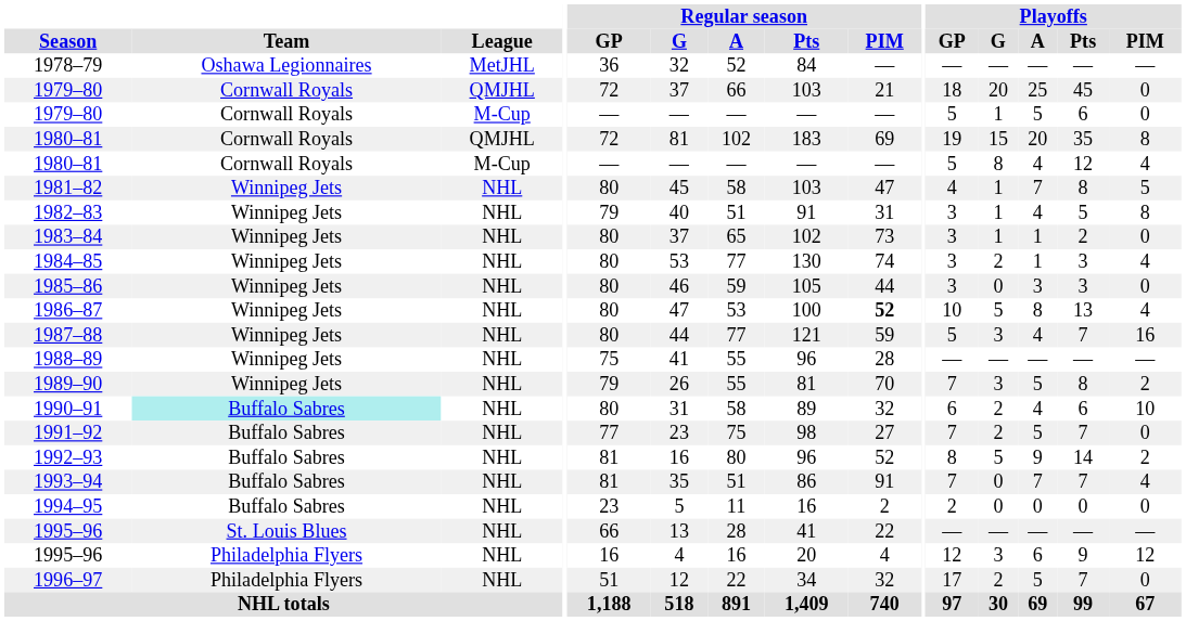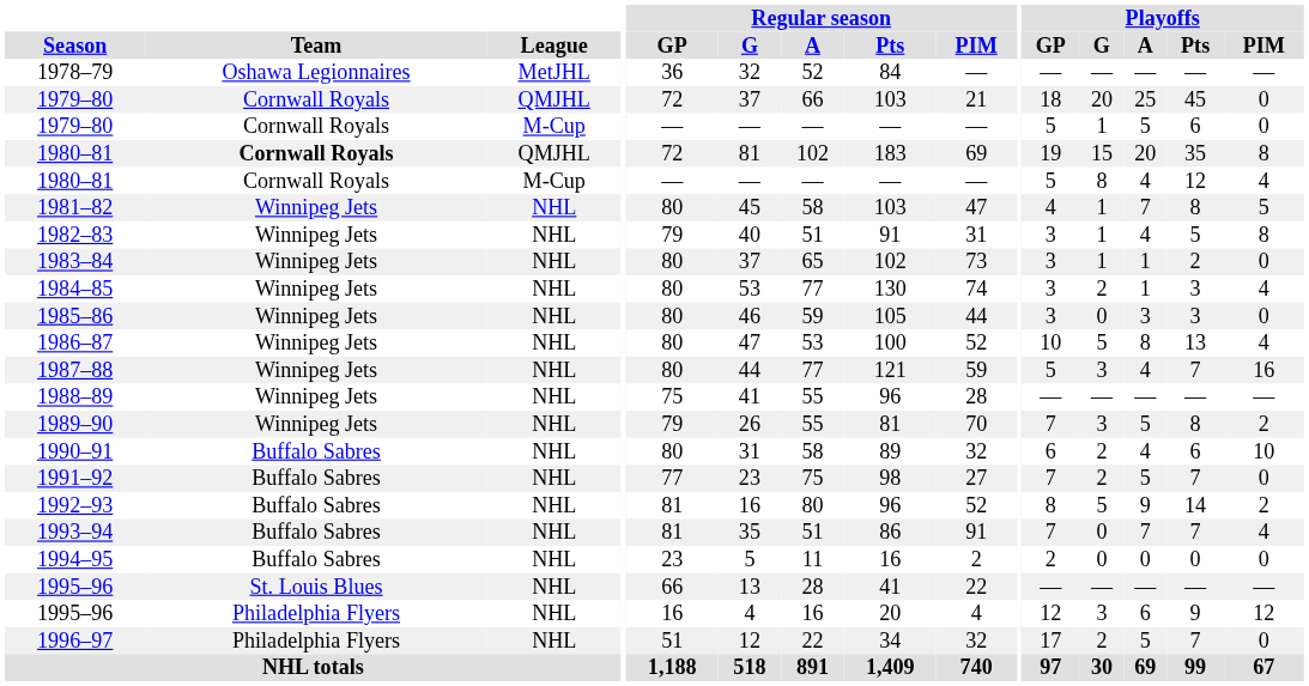 <table border="0" cellpadding="1" cellspacing="0" style="text-align:center; width:60em">
 <tr bgcolor="#e0e0e0">
 <th colspan="3" bgcolor="#ffffff"></th>
 <th rowspan="100" bgcolor="#ffffff"></th>
 <th colspan="5"><a href='#'>Regular season</a></th>
 <th rowspan="100" bgcolor="#ffffff"></th>
 <th colspan="5"><a href='#'>Playoffs</a></th>
 </tr>
 <tr bgcolor="#e0e0e0">
 <th><a href='#'>Season</a></th>
 <th>Team</th>
 <th>League</th>
 <th>GP</th>
 <th><a href='#'>G</a></th>
 <th><a href='#'>A</a></th>
 <th><a href='#'>Pts</a></th>
 <th><a href='#'>PIM</a></th>
 <th>GP</th>
 <th>G</th>
 <th>A</th>
 <th>Pts</th>
 <th>PIM</th>
 </tr>
 <tr>
 <td>1978–79</td>
 <td><a href='#'>Oshawa Legionnaires</a></td>
 <td><a href='#'>MetJHL</a></td>
 <td>36</td>
 <td>32</td>
 <td>52</td>
 <td>84</td>
 <td>—</td>
 <td>—</td>
 <td>—</td>
 <td>—</td>
 <td>—</td>
 <td>—</td>
 </tr>
 <tr bgcolor="#f0f0f0">
 <td><a href='#'>1979–80</a></td>
 <td><a href='#'>Cornwall Royals</a></td>
 <td><a href='#'>QMJHL</a></td>
 <td>72</td>
 <td>37</td>
 <td>66</td>
 <td>103</td>
 <td>21</td>
 <td>18</td>
 <td>20</td>
 <td>25</td>
 <td>45</td>
 <td>0</td>
 </tr>
 <tr>
 <td><a href='#'>1979–80</a></td>
 <td>Cornwall Royals</td>
 <td><a href='#'>M-Cup</a></td>
 <td>—</td>
 <td>—</td>
 <td>—</td>
 <td>—</td>
 <td>—</td>
 <td>5</td>
 <td>1</td>
 <td>5</td>
 <td>6</td>
 <td>0</td>
 </tr>
 <tr bgcolor="#f0f0f0">
 <td><a href='#'>1980–81</a></td>
-<td>Cornwall Royals</td>
+<td><strong>Cornwall Royals</strong></td>
 <td>QMJHL</td>
 <td>72</td>
 <td>81</td>
 <td>102</td>
 <td>183</td>
 <td>69</td>
 <td>19</td>
 <td>15</td>
 <td>20</td>
 <td>35</td>
 <td>8</td>
 </tr>
 <tr>
 <td><a href='#'>1980–81</a></td>
 <td>Cornwall Royals</td>
 <td>M-Cup</td>
 <td>—</td>
 <td>—</td>
 <td>—</td>
 <td>—</td>
 <td>—</td>
 <td>5</td>
 <td>8</td>
 <td>4</td>
 <td>12</td>
 <td>4</td>
 </tr>
 <tr bgcolor="#f0f0f0">
 <td><a href='#'>1981–82</a></td>
 <td><a href='#'>Winnipeg Jets</a></td>
 <td><a href='#'>NHL</a></td>
 <td>80</td>
 <td>45</td>
 <td>58</td>
 <td>103</td>
 <td>47</td>
 <td>4</td>
 <td>1</td>
 <td>7</td>
 <td>8</td>
 <td>5</td>
 </tr>
 <tr>
 <td><a href='#'>1982–83</a></td>
 <td>Winnipeg Jets</td>
 <td>NHL</td>
 <td>79</td>
 <td>40</td>
 <td>51</td>
 <td>91</td>
 <td>31</td>
 <td>3</td>
 <td>1</td>
 <td>4</td>
 <td>5</td>
 <td>8</td>
 </tr>
 <tr bgcolor="#f0f0f0">
 <td><a href='#'>1983–84</a></td>
 <td>Winnipeg Jets</td>
 <td>NHL</td>
 <td>80</td>
 <td>37</td>
 <td>65</td>
 <td>102</td>
 <td>73</td>
 <td>3</td>
 <td>1</td>
 <td>1</td>
 <td>2</td>
 <td>0</td>
 </tr>
 <tr>
 <td><a href='#'>1984–85</a></td>
 <td>Winnipeg Jets</td>
 <td>NHL</td>
 <td>80</td>
 <td>53</td>
 <td>77</td>
 <td>130</td>
 <td>74</td>
 <td>3</td>
 <td>2</td>
 <td>1</td>
 <td>3</td>
 <td>4</td>
 </tr>
 <tr bgcolor="#f0f0f0">
 <td><a href='#'>1985–86</a></td>
 <td>Winnipeg Jets</td>
 <td>NHL</td>
 <td>80</td>
 <td>46</td>
 <td>59</td>
 <td>105</td>
 <td>44</td>
 <td>3</td>
 <td>0</td>
 <td>3</td>
 <td>3</td>
 <td>0</td>
 </tr>
 <tr>
 <td><a href='#'>1986–87</a></td>
 <td>Winnipeg Jets</td>
 <td>NHL</td>
 <td>80</td>
 <td>47</td>
 <td>53</td>
 <td>100</td>
-<td><strong>52</strong></td>
+<td>52</td>
 <td>10</td>
 <td>5</td>
 <td>8</td>
 <td>13</td>
 <td>4</td>
 </tr>
 <tr bgcolor="#f0f0f0">
 <td><a href='#'>1987–88</a></td>
 <td>Winnipeg Jets</td>
 <td>NHL</td>
 <td>80</td>
 <td>44</td>
 <td>77</td>
 <td>121</td>
 <td>59</td>
 <td>5</td>
 <td>3</td>
 <td>4</td>
 <td>7</td>
 <td>16</td>
 </tr>
 <tr>
 <td><a href='#'>1988–89</a></td>
 <td>Winnipeg Jets</td>
 <td>NHL</td>
 <td>75</td>
 <td>41</td>
 <td>55</td>
 <td>96</td>
 <td>28</td>
 <td>—</td>
 <td>—</td>
 <td>—</td>
 <td>—</td>
 <td>—</td>
 </tr>
 <tr bgcolor="#f0f0f0">
 <td><a href='#'>1989–90</a></td>
 <td>Winnipeg Jets</td>
 <td>NHL</td>
 <td>79</td>
 <td>26</td>
 <td>55</td>
 <td>81</td>
 <td>70</td>
 <td>7</td>
 <td>3</td>
 <td>5</td>
 <td>8</td>
 <td>2</td>
 </tr>
 <tr>
 <td><a href='#'>1990–91</a></td>
-<td style="background: paleturquoise;"><a href='#'>Buffalo Sabres</a></td>
+<td><a href='#'>Buffalo Sabres</a></td>
 <td>NHL</td>
 <td>80</td>
 <td>31</td>
 <td>58</td>
 <td>89</td>
 <td>32</td>
 <td>6</td>
 <td>2</td>
 <td>4</td>
 <td>6</td>
 <td>10</td>
 </tr>
 <tr bgcolor="#f0f0f0">
 <td><a href='#'>1991–92</a></td>
 <td>Buffalo Sabres</td>
 <td>NHL</td>
 <td>77</td>
 <td>23</td>
 <td>75</td>
 <td>98</td>
 <td>27</td>
 <td>7</td>
 <td>2</td>
 <td>5</td>
 <td>7</td>
 <td>0</td>
 </tr>
 <tr>
 <td><a href='#'>1992–93</a></td>
 <td>Buffalo Sabres</td>
 <td>NHL</td>
 <td>81</td>
 <td>16</td>
 <td>80</td>
 <td>96</td>
 <td>52</td>
 <td>8</td>
 <td>5</td>
 <td>9</td>
 <td>14</td>
 <td>2</td>
 </tr>
 <tr bgcolor="#f0f0f0">
 <td><a href='#'>1993–94</a></td>
 <td>Buffalo Sabres</td>
 <td>NHL</td>
 <td>81</td>
 <td>35</td>
 <td>51</td>
 <td>86</td>
 <td>91</td>
 <td>7</td>
 <td>0</td>
 <td>7</td>
 <td>7</td>
 <td>4</td>
 </tr>
 <tr>
 <td><a href='#'>1994–95</a></td>
 <td>Buffalo Sabres</td>
 <td>NHL</td>
 <td>23</td>
 <td>5</td>
 <td>11</td>
 <td>16</td>
 <td>2</td>
 <td>2</td>
 <td>0</td>
 <td>0</td>
 <td>0</td>
 <td>0</td>
 </tr>
 <tr bgcolor="#f0f0f0">
 <td><a href='#'>1995–96</a></td>
 <td><a href='#'>St. Louis Blues</a></td>
 <td>NHL</td>
 <td>66</td>
 <td>13</td>
 <td>28</td>
 <td>41</td>
 <td>22</td>
 <td>—</td>
 <td>—</td>
 <td>—</td>
 <td>—</td>
 <td>—</td>
 </tr>
 <tr>
 <td>1995–96</td>
 <td><a href='#'>Philadelphia Flyers</a></td>
 <td>NHL</td>
 <td>16</td>
 <td>4</td>
 <td>16</td>
 <td>20</td>
 <td>4</td>
 <td>12</td>
 <td>3</td>
 <td>6</td>
 <td>9</td>
 <td>12</td>
 </tr>
 <tr bgcolor="#f0f0f0">
 <td><a href='#'>1996–97</a></td>
 <td>Philadelphia Flyers</td>
 <td>NHL</td>
 <td>51</td>
 <td>12</td>
 <td>22</td>
 <td>34</td>
 <td>32</td>
 <td>17</td>
 <td>2</td>
 <td>5</td>
 <td>7</td>
 <td>0</td>
 </tr>
 <tr bgcolor="#e0e0e0">
 <th colspan="3">NHL totals</th>
 <th>1,188</th>
 <th>518</th>
 <th>891</th>
 <th>1,409</th>
 <th>740</th>
 <th>97</th>
 <th>30</th>
 <th>69</th>
 <th>99</th>
 <th>67</th>
 </tr>
 </table>
